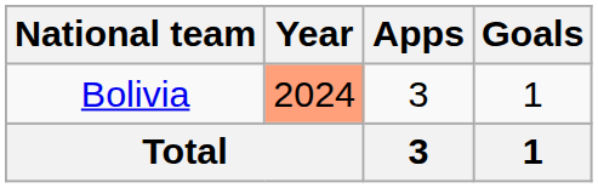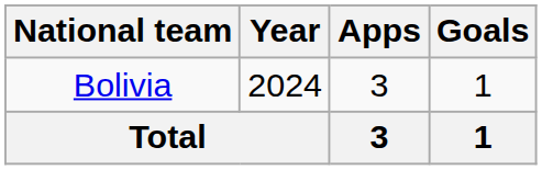 <table class="wikitable" style="text-align:center">
 <tr>
 <th>National team</th>
 <th>Year</th>
 <th>Apps</th>
 <th>Goals</th>
 </tr>
 <tr>
 <td rowspan="1"><a href='#'>Bolivia</a></td>
-<td style="background: lightsalmon;">2024</td>
+<td>2024</td>
 <td>3</td>
 <td>1</td>
 </tr>
 <tr>
 <th colspan="2">Total</th>
 <th>3</th>
 <th>1</th>
 </tr>
 </table>
